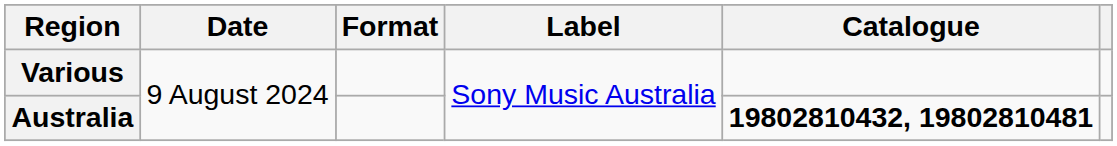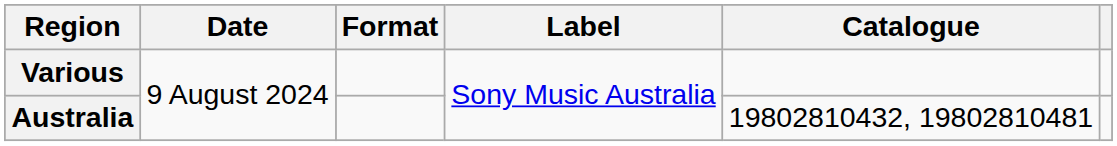 <table class="wikitable plainrowheaders" style="text-align:center;">
 <tr>
 <th scope="col">Region</th>
 <th scope="col">Date</th>
 <th scope="col">Format</th>
 <th scope="col">Label</th>
 <th scope="col">Catalogue</th>
 <th scope="col"></th>
 </tr>
 <tr>
 <th scope="row">Various</th>
 <td rowspan="2">9 August 2024</td>
 <td></td>
 <td rowspan="2"><a href='#'>Sony Music Australia</a></td>
 <td></td>
 <td></td>
 </tr>
 <tr>
 <th scope="row">Australia</th>
 <td></td>
-<td><strong>19802810432, 19802810481</strong></td>
+<td>19802810432, 19802810481</td>
 <td></td>
 </tr>
 </table>
